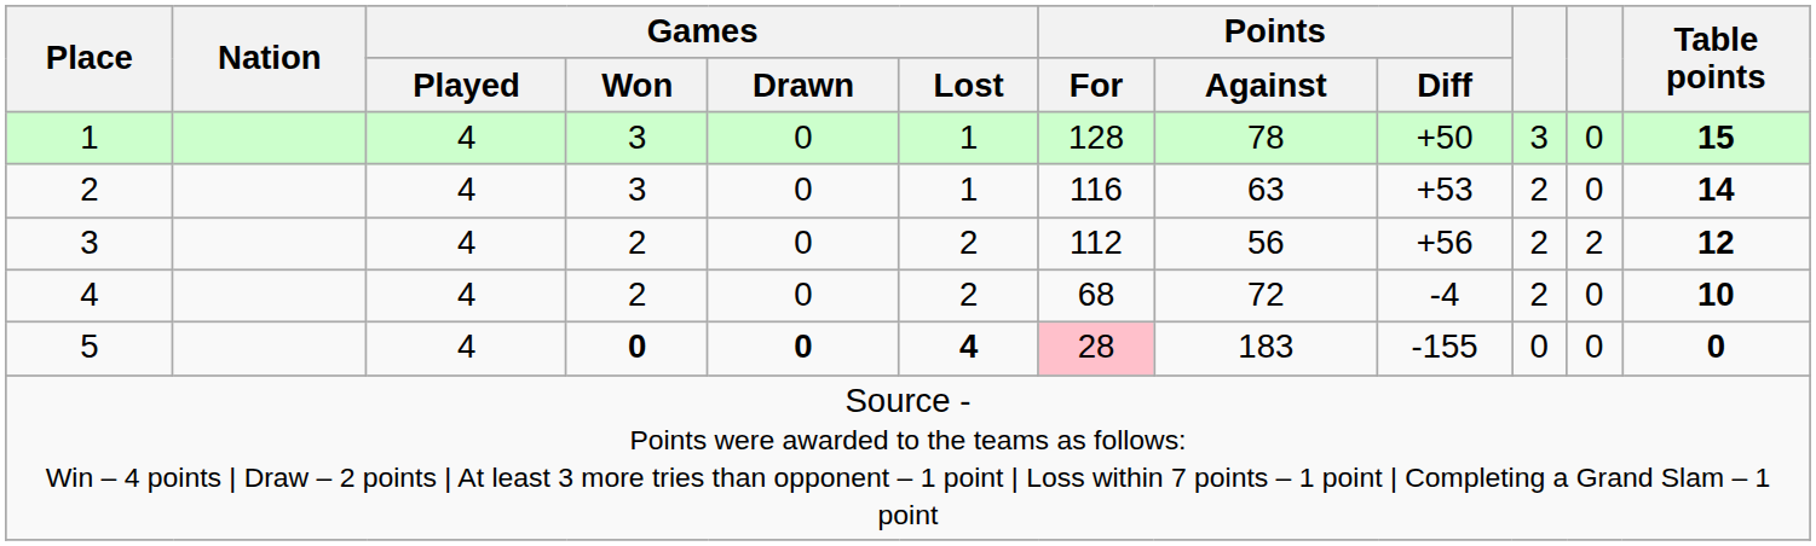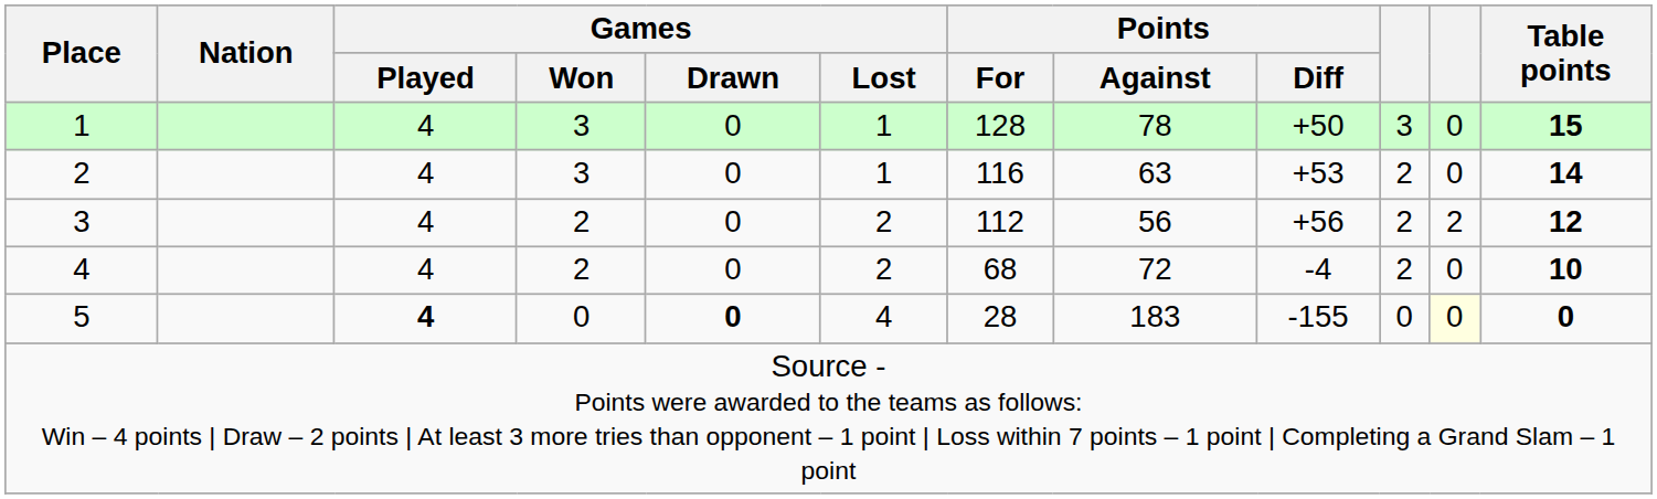 <table class="wikitable" style="text-align:center">
 <tr>
 <th rowspan="2">Place</th>
 <th rowspan="2">Nation</th>
 <th colspan="4">Games</th>
 <th colspan="3">Points</th>
 <th rowspan="2"></th>
 <th rowspan="2"></th>
 <th rowspan="2">Table<br>points</th>
 </tr>
 <tr>
 <th>Played</th>
 <th>Won</th>
 <th>Drawn</th>
 <th>Lost</th>
 <th>For</th>
 <th>Against</th>
 <th>Diff</th>
 </tr>
 <tr bgcolor="#cfc">
 <td>1</td>
 <td style="text-align:left"></td>
 <td>4</td>
 <td>3</td>
 <td>0</td>
 <td>1</td>
 <td>128</td>
 <td>78</td>
 <td>+50</td>
 <td>3</td>
 <td>0</td>
 <td><strong>15</strong></td>
 </tr>
 <tr>
 <td>2</td>
 <td style="text-align:left"></td>
 <td>4</td>
 <td>3</td>
 <td>0</td>
 <td>1</td>
 <td>116</td>
 <td>63</td>
 <td>+53</td>
 <td>2</td>
 <td>0</td>
 <td><strong>14</strong></td>
 </tr>
 <tr>
 <td>3</td>
 <td style="text-align:left"></td>
 <td>4</td>
 <td>2</td>
 <td>0</td>
 <td>2</td>
 <td>112</td>
 <td>56</td>
 <td>+56</td>
 <td>2</td>
 <td>2</td>
 <td><strong>12</strong></td>
 </tr>
 <tr>
 <td>4</td>
 <td style="text-align:left"></td>
 <td>4</td>
 <td>2</td>
 <td>0</td>
 <td>2</td>
 <td>68</td>
 <td>72</td>
 <td>-4</td>
 <td>2</td>
 <td>0</td>
 <td><strong>10</strong></td>
 </tr>
 <tr>
 <td>5</td>
 <td style="text-align:left"></td>
+<td><strong>4</strong></td>
+<td>0</td>
+<td><strong>0</strong></td>
 <td>4</td>
-<td><strong>0</strong></td>
-<td><strong>0</strong></td>
-<td><strong>4</strong></td>
-<td style="background: pink;">28</td>
+<td>28</td>
 <td>183</td>
 <td>-155</td>
 <td>0</td>
-<td>0</td>
+<td style="background: lightyellow;">0</td>
 <td><strong>0</strong></td>
 </tr>
 <tr>
 <td colspan="100%" style="text-align:center">Source - <br><small>Points were awarded to the teams as follows:<br>Win – 4 points | Draw – 2 points | At least 3 more tries than opponent – 1 point | Loss within 7 points – 1 point | Completing a Grand Slam – 1 point</small></td>
 </tr>
 </table>
